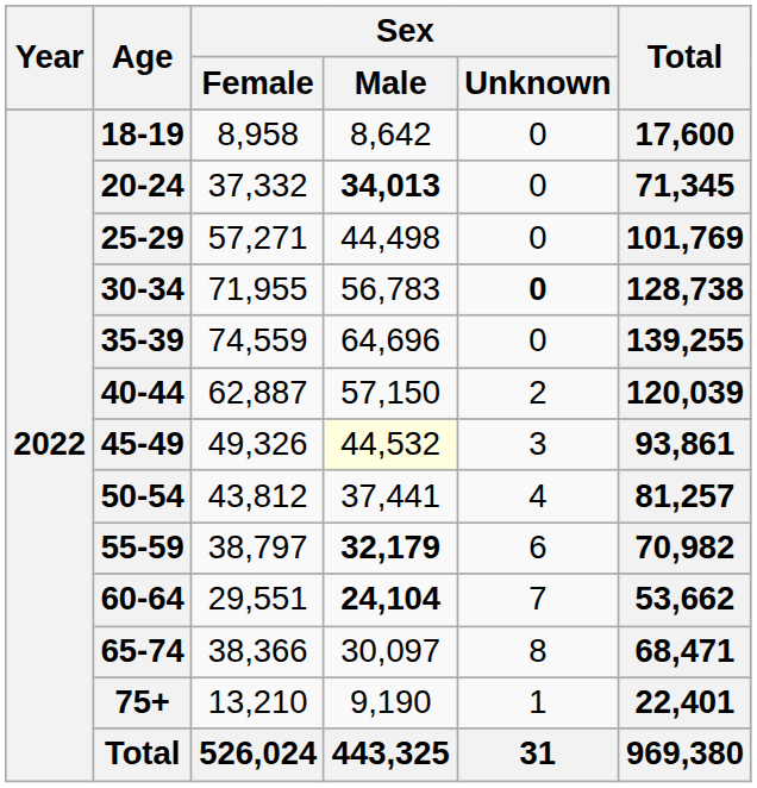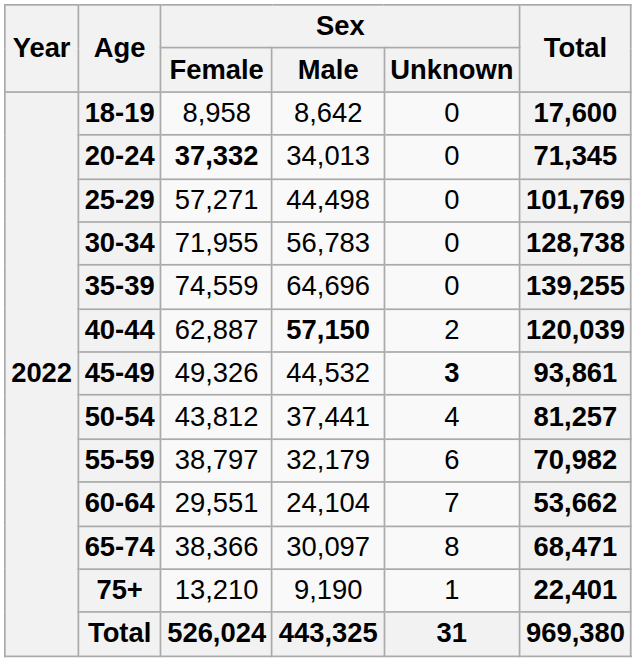 <table class="wikitable sortable">
 <tr>
 <th rowspan="2">Year</th>
 <th rowspan="2">Age</th>
 <th colspan="3">Sex</th>
 <th rowspan="2">Total</th>
 </tr>
 <tr>
 <th>Female</th>
 <th>Male</th>
 <th>Unknown</th>
 </tr>
 <tr>
 <th rowspan="13">2022</th>
 <th>18-19</th>
 <td align="center">8,958</td>
 <td align="center">8,642</td>
 <td align="center">0</td>
 <th>17,600</th>
 </tr>
 <tr>
 <th>20-24</th>
-<td align="center">37,332</td>
-<td align="center"><strong>34,013</strong></td>
+<td align="center"><strong>37,332</strong></td>
+<td align="center">34,013</td>
 <td align="center">0</td>
 <th>71,345</th>
 </tr>
 <tr>
 <th>25-29</th>
 <td align="center">57,271</td>
 <td align="center">44,498</td>
 <td align="center">0</td>
 <th>101,769</th>
 </tr>
 <tr>
 <th>30-34</th>
 <td align="center">71,955</td>
 <td align="center">56,783</td>
-<td align="center"><strong>0</strong></td>
+<td align="center">0</td>
 <th>128,738</th>
 </tr>
 <tr>
 <th>35-39</th>
 <td align="center">74,559</td>
 <td align="center">64,696</td>
 <td align="center">0</td>
 <th>139,255</th>
 </tr>
 <tr>
 <th>40-44</th>
 <td align="center">62,887</td>
-<td align="center">57,150</td>
+<td align="center"><strong>57,150</strong></td>
 <td align="center">2</td>
 <th>120,039</th>
 </tr>
 <tr>
 <th>45-49</th>
 <td align="center">49,326</td>
-<td align="center" style="background: lightyellow;">44,532</td>
-<td align="center">3</td>
+<td align="center">44,532</td>
+<td align="center"><strong>3</strong></td>
 <th>93,861</th>
 </tr>
 <tr>
 <th>50-54</th>
 <td align="center">43,812</td>
 <td align="center">37,441</td>
 <td align="center">4</td>
 <th>81,257</th>
 </tr>
 <tr>
 <th>55-59</th>
 <td align="center">38,797</td>
-<td align="center"><strong>32,179</strong></td>
+<td align="center">32,179</td>
 <td align="center">6</td>
 <th>70,982</th>
 </tr>
 <tr>
 <th>60-64</th>
 <td align="center">29,551</td>
-<td align="center"><strong>24,104</strong></td>
+<td align="center">24,104</td>
 <td align="center">7</td>
 <th>53,662</th>
 </tr>
 <tr>
 <th>65-74</th>
 <td align="center">38,366</td>
 <td align="center">30,097</td>
 <td align="center">8</td>
 <th>68,471</th>
 </tr>
 <tr>
 <th>75+</th>
 <td align="center">13,210</td>
 <td align="center">9,190</td>
 <td align="center">1</td>
 <th>22,401</th>
 </tr>
 <tr>
 <th>Total</th>
 <th>526,024</th>
 <th>443,325</th>
 <th>31</th>
 <th>969,380</th>
 </tr>
 </table>
